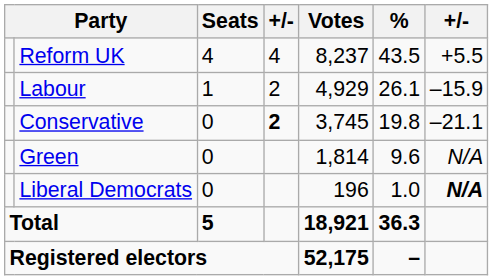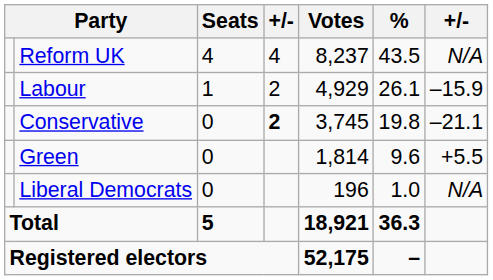 <table class="wikitable sortable">
 <tr>
 <th colspan="2">Party</th>
 <th>Seats</th>
 <th>+/-</th>
 <th>Votes</th>
 <th>%</th>
 <th>+/-</th>
 </tr>
 <tr>
 <td style="background-color: "></td>
 <td><a href='#'>Reform UK</a></td>
 <td>4</td>
 <td> 4</td>
 <td style="text-align:right;">8,237</td>
 <td style="text-align:right;">43.5</td>
-<td style="text-align:right;">+5.5</td>
+<td style="text-align:right;"><em>N/A</em></td>
 </tr>
 <tr>
 <td style="background-color: "></td>
 <td><a href='#'>Labour</a></td>
 <td>1</td>
 <td> 2</td>
 <td style="text-align:right;">4,929</td>
 <td style="text-align:right;">26.1</td>
 <td style="text-align:right;">–15.9</td>
 </tr>
 <tr>
 <td style="background-color: "></td>
 <td><a href='#'>Conservative</a></td>
 <td>0</td>
 <td><strong> 2</strong></td>
 <td style="text-align:right;">3,745</td>
 <td style="text-align:right;">19.8</td>
 <td style="text-align:right;">–21.1</td>
 </tr>
 <tr>
 <td style="background-color: "></td>
 <td><a href='#'>Green</a></td>
 <td>0</td>
 <td></td>
 <td style="text-align:right;">1,814</td>
 <td style="text-align:right;">9.6</td>
-<td style="text-align:right;"><em>N/A</em></td>
+<td style="text-align:right;">+5.5</td>
 </tr>
 <tr>
 <td style="background-color: "></td>
 <td><a href='#'>Liberal Democrats</a></td>
 <td>0</td>
 <td></td>
 <td style="text-align:right;">196</td>
 <td style="text-align:right;">1.0</td>
-<td style="text-align:right;"><strong><em>N/A</em></strong></td>
+<td style="text-align:right;"><em>N/A</em></td>
 </tr>
 <tr>
 <td colspan="2"><strong>Total</strong></td>
 <td><strong>5</strong></td>
 <td></td>
 <td style="text-align:right;"><strong>18,921</strong></td>
 <td style="text-align:right;"><strong>36.3</strong></td>
 <td style="text-align:right;"></td>
 </tr>
 <tr>
 <td colspan="4"><strong>Registered electors</strong></td>
 <td style="text-align:right;"><strong>52,175</strong></td>
 <td style="text-align:right;"><strong>–</strong></td>
 <td style="text-align:right;"></td>
 </tr>
 </table>
